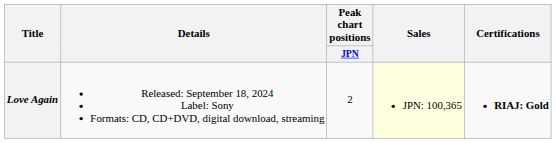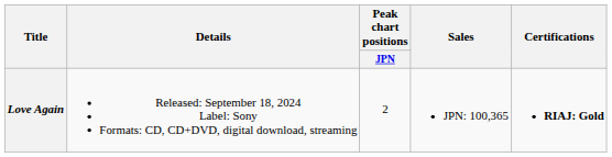 <table class="wikitable plainrowheaders" style="text-align:center">
 <tr>
 <th scope="col" rowspan="2">Title</th>
 <th scope="col" rowspan="2">Details</th>
 <th scope="col">Peak chart positions</th>
 <th scope="col" rowspan="2">Sales</th>
 <th scope="col" rowspan="2">Certifications</th>
 </tr>
 <tr>
 <th scope="col" style="width:2.8em;font-size:90%;"><a href='#'>JPN</a><br></th>
 </tr>
 <tr>
 <th scope="row"><em>Love Again</em></th>
 <td><br><ul><li>Released: September 18, 2024</li><li>Label: Sony</li><li>Formats: CD, CD+DVD, digital download, streaming</li></ul></td>
 <td>2</td>
-<td style="background: lightyellow;"><br><ul><li>JPN: 100,365</li></ul></td>
+<td><br><ul><li>JPN: 100,365</li></ul></td>
 <td><strong><br><ul><li>RIAJ: Gold </li></ul></strong></td>
 </tr>
 </table>
